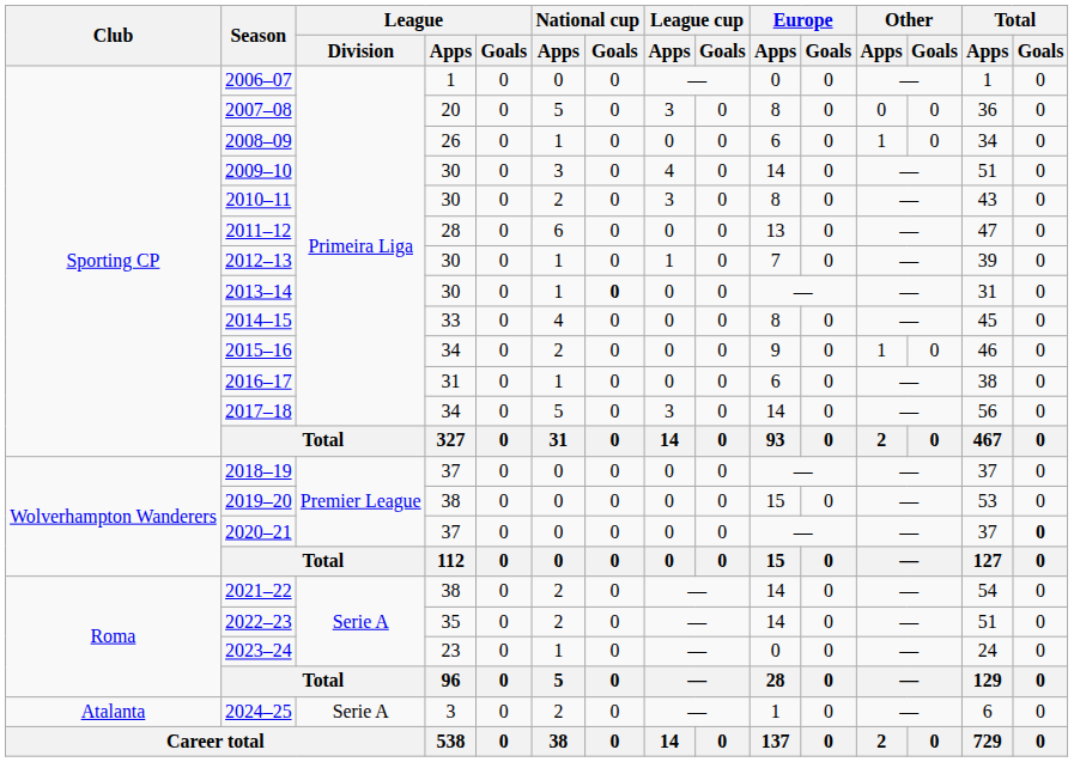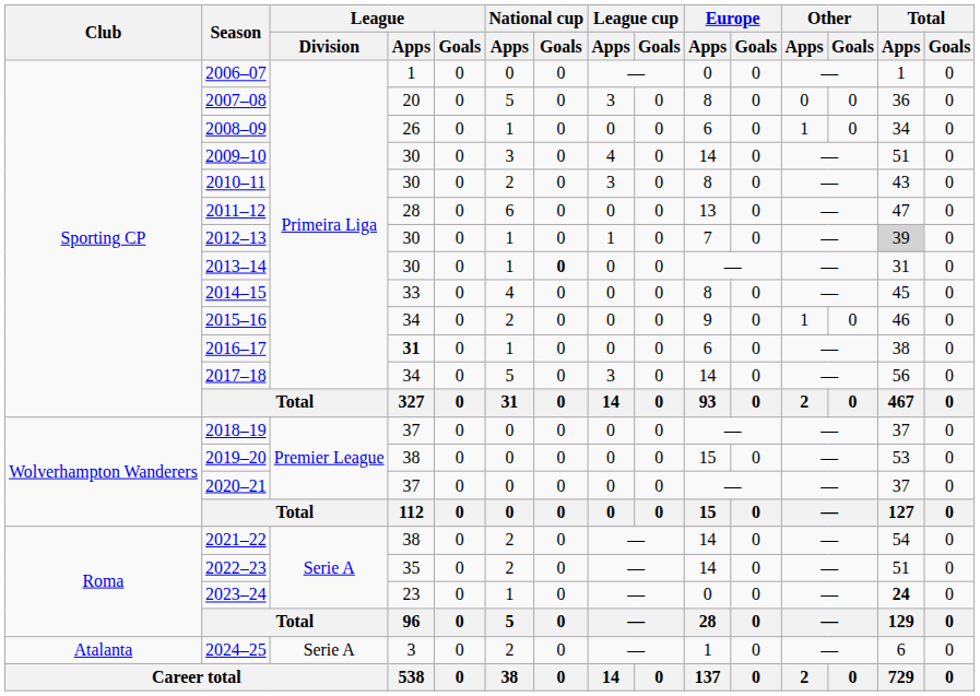 <table class="wikitable" style="text-align: center">
 <tr>
 <th rowspan="2">Club</th>
 <th rowspan="2">Season</th>
 <th colspan="3">League</th>
 <th colspan="2">National cup</th>
 <th colspan="2">League cup</th>
 <th colspan="2"><a href='#'>Europe</a></th>
 <th colspan="2">Other</th>
 <th colspan="2">Total</th>
 </tr>
 <tr>
 <th>Division</th>
 <th>Apps</th>
 <th>Goals</th>
 <th>Apps</th>
 <th>Goals</th>
 <th>Apps</th>
 <th>Goals</th>
 <th>Apps</th>
 <th>Goals</th>
 <th>Apps</th>
 <th>Goals</th>
 <th>Apps</th>
 <th>Goals</th>
 </tr>
 <tr>
 <td rowspan="13"><a href='#'>Sporting CP</a></td>
 <td><a href='#'>2006–07</a></td>
 <td rowspan="12"><a href='#'>Primeira Liga</a></td>
 <td>1</td>
 <td>0</td>
 <td>0</td>
 <td>0</td>
 <td colspan="2">—</td>
 <td>0</td>
 <td>0</td>
 <td colspan="2">—</td>
 <td>1</td>
 <td>0</td>
 </tr>
 <tr>
 <td><a href='#'>2007–08</a></td>
 <td>20</td>
 <td>0</td>
 <td>5</td>
 <td>0</td>
 <td>3</td>
 <td>0</td>
 <td>8</td>
 <td>0</td>
 <td>0</td>
 <td>0</td>
 <td>36</td>
 <td>0</td>
 </tr>
 <tr>
 <td><a href='#'>2008–09</a></td>
 <td>26</td>
 <td>0</td>
 <td>1</td>
 <td>0</td>
 <td>0</td>
 <td>0</td>
 <td>6</td>
 <td>0</td>
 <td>1</td>
 <td>0</td>
 <td>34</td>
 <td>0</td>
 </tr>
 <tr>
 <td><a href='#'>2009–10</a></td>
 <td>30</td>
 <td>0</td>
 <td>3</td>
 <td>0</td>
 <td>4</td>
 <td>0</td>
 <td>14</td>
 <td>0</td>
 <td colspan="2">—</td>
 <td>51</td>
 <td>0</td>
 </tr>
 <tr>
 <td><a href='#'>2010–11</a></td>
 <td>30</td>
 <td>0</td>
 <td>2</td>
 <td>0</td>
 <td>3</td>
 <td>0</td>
 <td>8</td>
 <td>0</td>
 <td colspan="2">—</td>
 <td>43</td>
 <td>0</td>
 </tr>
 <tr>
 <td><a href='#'>2011–12</a></td>
 <td>28</td>
 <td>0</td>
 <td>6</td>
 <td>0</td>
 <td>0</td>
 <td>0</td>
 <td>13</td>
 <td>0</td>
 <td colspan="2">—</td>
 <td>47</td>
 <td>0</td>
 </tr>
 <tr>
 <td><a href='#'>2012–13</a></td>
 <td>30</td>
 <td>0</td>
 <td>1</td>
 <td>0</td>
 <td>1</td>
 <td>0</td>
 <td>7</td>
 <td>0</td>
 <td colspan="2">—</td>
-<td>39</td>
+<td style="background: lightgrey;">39</td>
 <td>0</td>
 </tr>
 <tr>
 <td><a href='#'>2013–14</a></td>
 <td>30</td>
 <td>0</td>
 <td>1</td>
 <td><strong>0</strong></td>
 <td>0</td>
 <td>0</td>
 <td colspan="2">—</td>
 <td colspan="2">—</td>
 <td>31</td>
 <td>0</td>
 </tr>
 <tr>
 <td><a href='#'>2014–15</a></td>
 <td>33</td>
 <td>0</td>
 <td>4</td>
 <td>0</td>
 <td>0</td>
 <td>0</td>
 <td>8</td>
 <td>0</td>
 <td colspan="2">—</td>
 <td>45</td>
 <td>0</td>
 </tr>
 <tr>
 <td><a href='#'>2015–16</a></td>
 <td>34</td>
 <td>0</td>
 <td>2</td>
 <td>0</td>
 <td>0</td>
 <td>0</td>
 <td>9</td>
 <td>0</td>
 <td>1</td>
 <td>0</td>
 <td>46</td>
 <td>0</td>
 </tr>
 <tr>
 <td><a href='#'>2016–17</a></td>
-<td>31</td>
+<td><strong>31</strong></td>
 <td>0</td>
 <td>1</td>
 <td>0</td>
 <td>0</td>
 <td>0</td>
 <td>6</td>
 <td>0</td>
 <td colspan="2">—</td>
 <td>38</td>
 <td>0</td>
 </tr>
 <tr>
 <td><a href='#'>2017–18</a></td>
 <td>34</td>
 <td>0</td>
 <td>5</td>
 <td>0</td>
 <td>3</td>
 <td>0</td>
 <td>14</td>
 <td>0</td>
 <td colspan="2">—</td>
 <td>56</td>
 <td>0</td>
 </tr>
 <tr>
 <th colspan="2">Total</th>
 <th>327</th>
 <th>0</th>
 <th>31</th>
 <th>0</th>
 <th>14</th>
 <th>0</th>
 <th>93</th>
 <th>0</th>
 <th>2</th>
 <th>0</th>
 <th>467</th>
 <th>0</th>
 </tr>
 <tr>
 <td rowspan="4"><a href='#'>Wolverhampton Wanderers</a></td>
 <td><a href='#'>2018–19</a></td>
 <td rowspan="3"><a href='#'>Premier League</a></td>
 <td>37</td>
 <td>0</td>
 <td>0</td>
 <td>0</td>
 <td>0</td>
 <td>0</td>
 <td colspan="2">—</td>
 <td colspan="2">—</td>
 <td>37</td>
 <td>0</td>
 </tr>
 <tr>
 <td><a href='#'>2019–20</a></td>
 <td>38</td>
 <td>0</td>
 <td>0</td>
 <td>0</td>
 <td>0</td>
 <td>0</td>
 <td>15</td>
 <td>0</td>
 <td colspan="2">—</td>
 <td>53</td>
 <td>0</td>
 </tr>
 <tr>
 <td><a href='#'>2020–21</a></td>
 <td>37</td>
 <td>0</td>
 <td>0</td>
 <td>0</td>
 <td>0</td>
 <td>0</td>
 <td colspan="2">—</td>
 <td colspan="2">—</td>
 <td>37</td>
-<td><strong>0</strong></td>
+<td>0</td>
 </tr>
 <tr>
 <th colspan="2">Total</th>
 <th>112</th>
 <th>0</th>
 <th>0</th>
 <th>0</th>
 <th>0</th>
 <th>0</th>
 <th>15</th>
 <th>0</th>
 <th colspan="2">—</th>
 <th>127</th>
 <th>0</th>
 </tr>
 <tr>
 <td rowspan="4"><a href='#'>Roma</a></td>
 <td><a href='#'>2021–22</a></td>
 <td rowspan="3"><a href='#'>Serie A</a></td>
 <td>38</td>
 <td>0</td>
 <td>2</td>
 <td>0</td>
 <td colspan="2">—</td>
 <td>14</td>
 <td>0</td>
 <td colspan="2">—</td>
 <td>54</td>
 <td>0</td>
 </tr>
 <tr>
 <td><a href='#'>2022–23</a></td>
 <td>35</td>
 <td>0</td>
 <td>2</td>
 <td>0</td>
 <td colspan="2">—</td>
 <td>14</td>
 <td>0</td>
 <td colspan="2">—</td>
 <td>51</td>
 <td>0</td>
 </tr>
 <tr>
 <td><a href='#'>2023–24</a></td>
 <td>23</td>
 <td>0</td>
 <td>1</td>
 <td>0</td>
 <td colspan="2">—</td>
 <td>0</td>
 <td>0</td>
 <td colspan="2">—</td>
-<td>24</td>
+<td><strong>24</strong></td>
 <td>0</td>
 </tr>
 <tr>
 <th colspan="2">Total</th>
 <th>96</th>
 <th>0</th>
 <th>5</th>
 <th>0</th>
 <th colspan="2">—</th>
 <th>28</th>
 <th>0</th>
 <th colspan="2">—</th>
 <th>129</th>
 <th>0</th>
 </tr>
 <tr>
 <td><a href='#'>Atalanta</a></td>
 <td><a href='#'>2024–25</a></td>
 <td>Serie A</td>
 <td>3</td>
 <td>0</td>
 <td>2</td>
 <td>0</td>
 <td colspan="2">—</td>
 <td>1</td>
 <td>0</td>
 <td colspan="2">—</td>
 <td>6</td>
 <td>0</td>
 </tr>
 <tr>
 <th colspan="3">Career total</th>
 <th>538</th>
 <th>0</th>
 <th>38</th>
 <th>0</th>
 <th>14</th>
 <th>0</th>
 <th>137</th>
 <th>0</th>
 <th>2</th>
 <th>0</th>
 <th>729</th>
 <th>0</th>
 </tr>
 </table>
